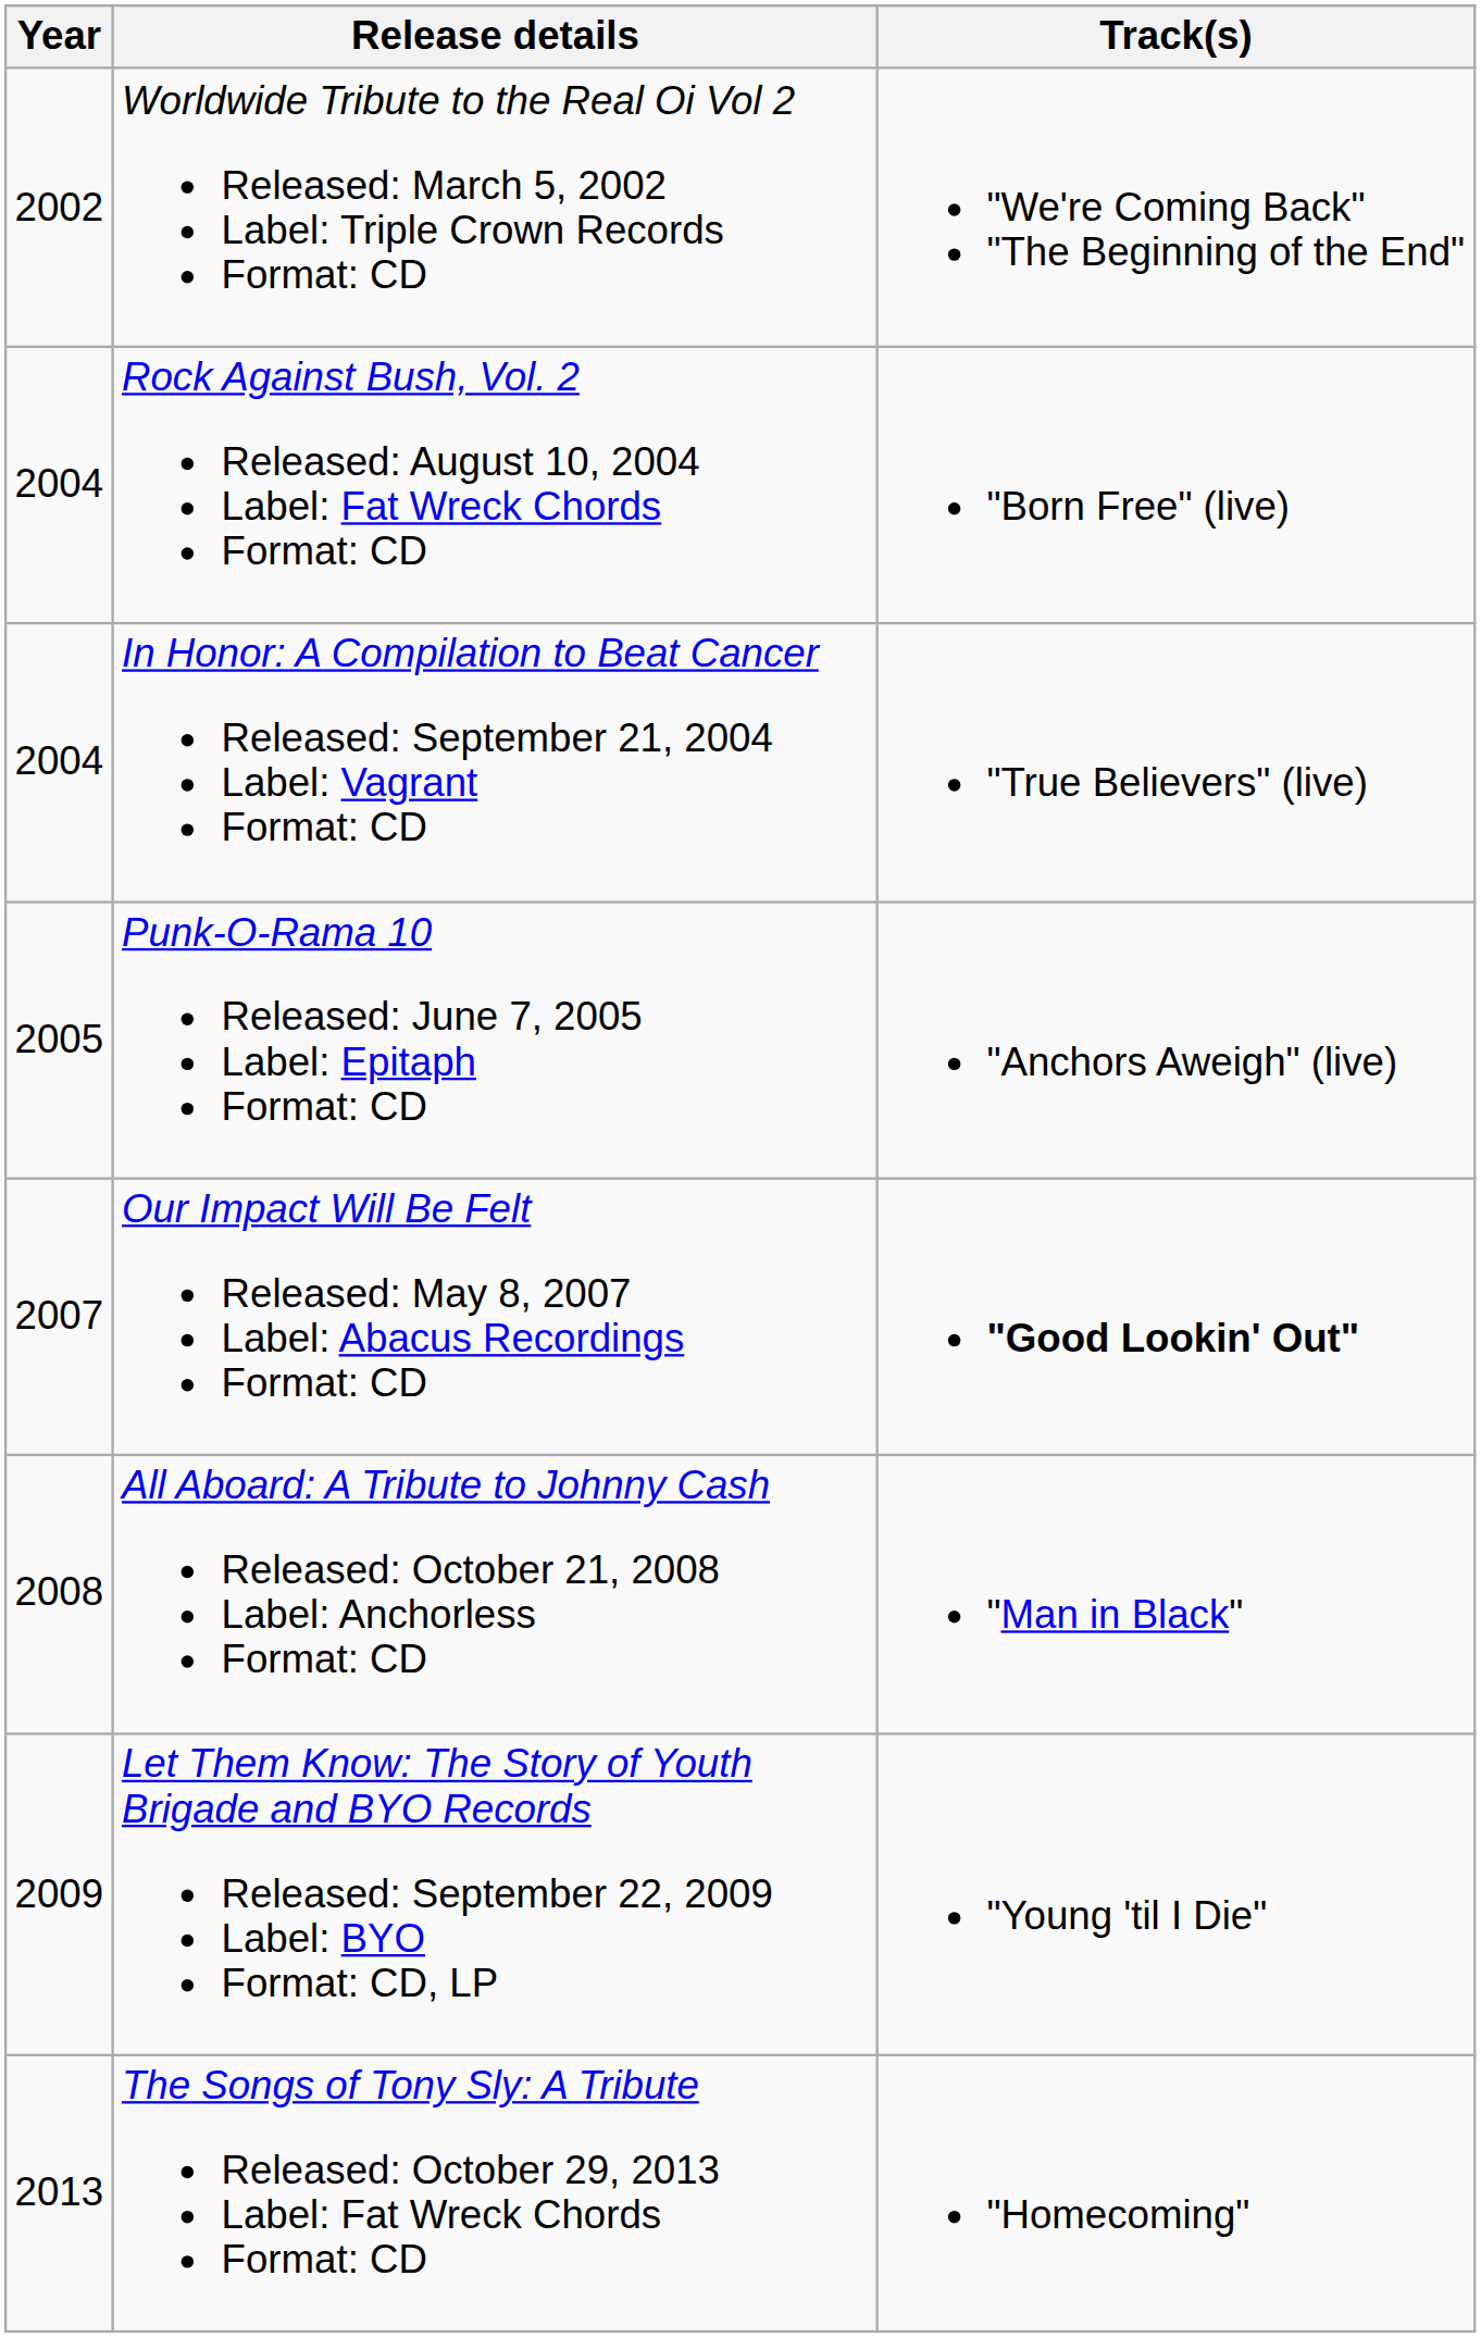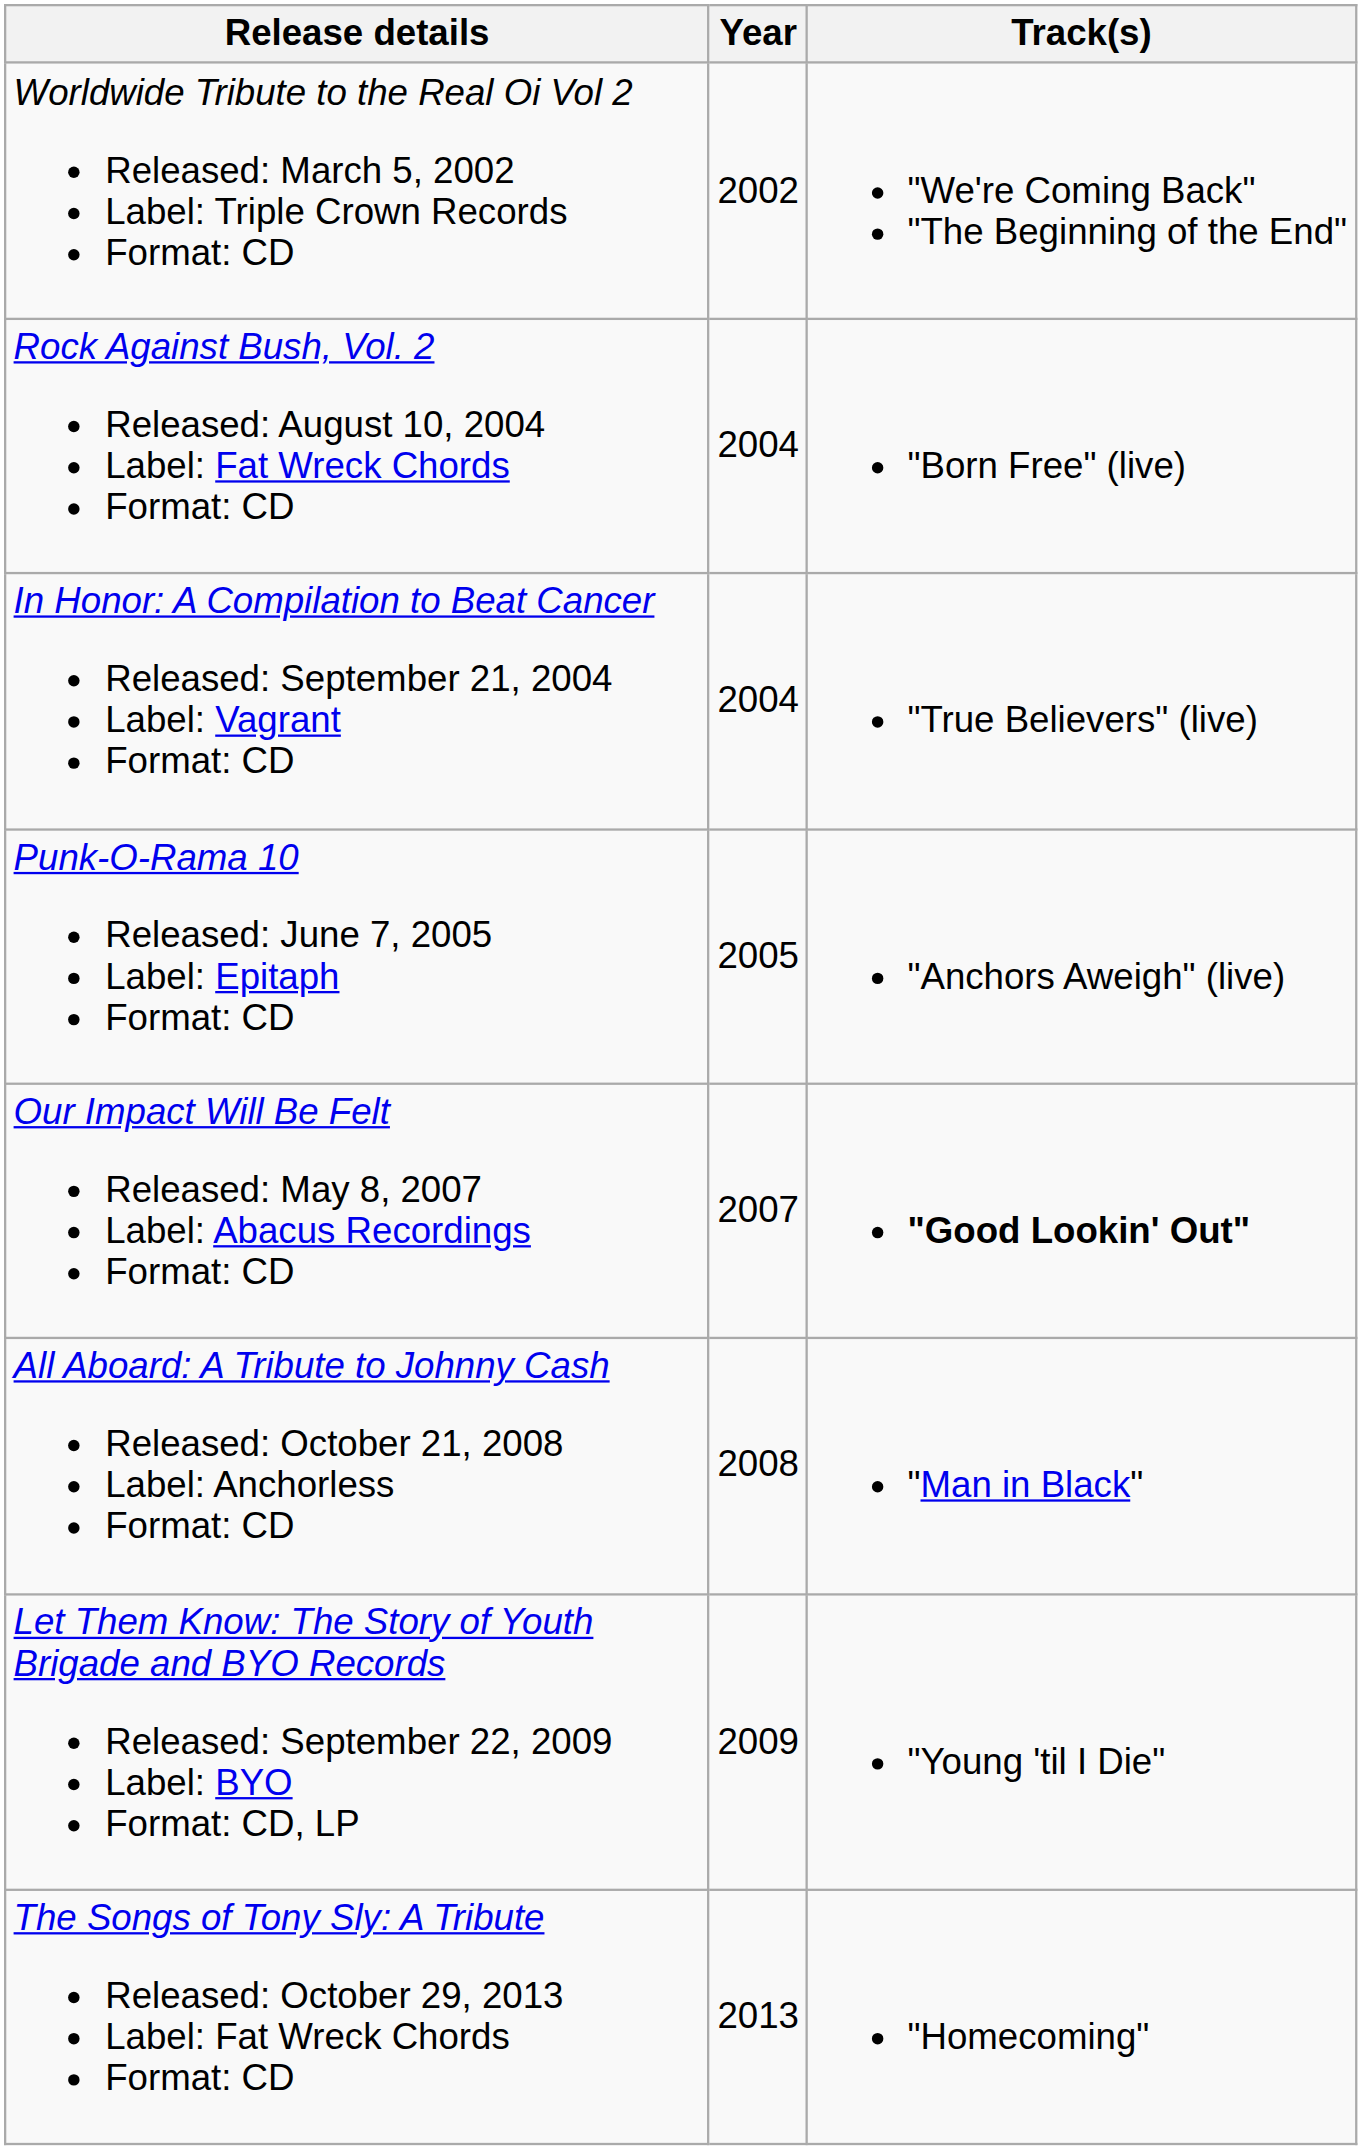 <table class ="wikitable">
 <tr>
+<th width="300">Release details</th>
 <th>Year</th>
-<th width="300">Release details</th>
 <th>Track(s)</th>
 </tr>
 <tr>
+<td><em>Worldwide Tribute to the Real Oi Vol 2</em><br><ul><li>Released: March 5, 2002</li><li>Label: Triple Crown Records</li><li>Format: CD</li></ul></td>
 <td>2002</td>
-<td><em>Worldwide Tribute to the Real Oi Vol 2</em><br><ul><li>Released: March 5, 2002</li><li>Label: Triple Crown Records</li><li>Format: CD</li></ul></td>
 <td><br><ul><li>"We're Coming Back"</li><li>"The Beginning of the End"</li></ul></td>
 </tr>
 <tr>
+<td><em><a href='#'>Rock Against Bush, Vol. 2</a></em><br><ul><li>Released: August 10, 2004</li><li>Label: <a href='#'>Fat Wreck Chords</a></li><li>Format: CD</li></ul></td>
 <td>2004</td>
-<td><em><a href='#'>Rock Against Bush, Vol. 2</a></em><br><ul><li>Released: August 10, 2004</li><li>Label: <a href='#'>Fat Wreck Chords</a></li><li>Format: CD</li></ul></td>
 <td><br><ul><li>"Born Free" (live)</li></ul></td>
 </tr>
 <tr>
+<td><em><a href='#'>In Honor: A Compilation to Beat Cancer</a></em><br><ul><li>Released: September 21, 2004</li><li>Label: <a href='#'>Vagrant</a></li><li>Format: CD</li></ul></td>
 <td>2004</td>
-<td><em><a href='#'>In Honor: A Compilation to Beat Cancer</a></em><br><ul><li>Released: September 21, 2004</li><li>Label: <a href='#'>Vagrant</a></li><li>Format: CD</li></ul></td>
 <td><br><ul><li>"True Believers" (live)</li></ul></td>
 </tr>
 <tr>
+<td><em><a href='#'>Punk-O-Rama 10</a></em><br><ul><li>Released: June 7, 2005</li><li>Label: <a href='#'>Epitaph</a></li><li>Format: CD</li></ul></td>
 <td>2005</td>
-<td><em><a href='#'>Punk-O-Rama 10</a></em><br><ul><li>Released: June 7, 2005</li><li>Label: <a href='#'>Epitaph</a></li><li>Format: CD</li></ul></td>
 <td><br><ul><li>"Anchors Aweigh" (live)</li></ul></td>
 </tr>
 <tr>
+<td><em><a href='#'>Our Impact Will Be Felt</a></em><br><ul><li>Released: May 8, 2007</li><li>Label: <a href='#'>Abacus Recordings</a></li><li>Format: CD</li></ul></td>
 <td>2007</td>
-<td><em><a href='#'>Our Impact Will Be Felt</a></em><br><ul><li>Released: May 8, 2007</li><li>Label: <a href='#'>Abacus Recordings</a></li><li>Format: CD</li></ul></td>
 <td><strong><br><ul><li>"Good Lookin' Out"</li></ul></strong></td>
 </tr>
 <tr>
+<td><em><a href='#'>All Aboard: A Tribute to Johnny Cash</a></em><br><ul><li>Released: October 21, 2008</li><li>Label: Anchorless</li><li>Format: CD</li></ul></td>
 <td>2008</td>
-<td><em><a href='#'>All Aboard: A Tribute to Johnny Cash</a></em><br><ul><li>Released: October 21, 2008</li><li>Label: Anchorless</li><li>Format: CD</li></ul></td>
 <td><br><ul><li>"<a href='#'>Man in Black</a>"</li></ul></td>
 </tr>
 <tr>
+<td><em><a href='#'>Let Them Know: The Story of Youth Brigade and BYO Records</a></em><br><ul><li>Released: September 22, 2009</li><li>Label: <a href='#'>BYO</a></li><li>Format: CD, LP</li></ul></td>
 <td>2009</td>
-<td><em><a href='#'>Let Them Know: The Story of Youth Brigade and BYO Records</a></em><br><ul><li>Released: September 22, 2009</li><li>Label: <a href='#'>BYO</a></li><li>Format: CD, LP</li></ul></td>
 <td><br><ul><li>"Young 'til I Die"</li></ul></td>
 </tr>
 <tr>
+<td><em><a href='#'>The Songs of Tony Sly: A Tribute</a></em><br><ul><li>Released: October 29, 2013</li><li>Label: Fat Wreck Chords</li><li>Format: CD</li></ul></td>
 <td>2013</td>
-<td><em><a href='#'>The Songs of Tony Sly: A Tribute</a></em><br><ul><li>Released: October 29, 2013</li><li>Label: Fat Wreck Chords</li><li>Format: CD</li></ul></td>
 <td><br><ul><li>"Homecoming"</li></ul></td>
 </tr>
 </table>
